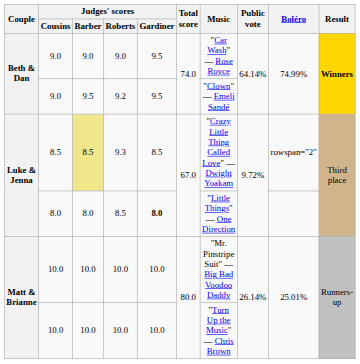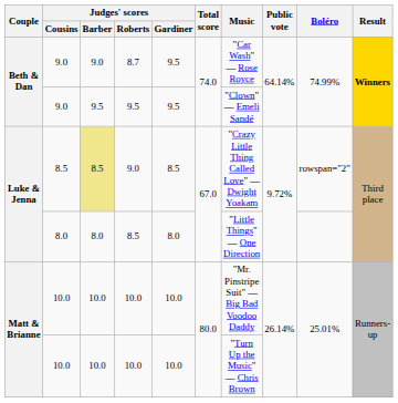 <table class="wikitable sortable" style="text-align:center; font-size:90%; width:90%">
 <tr>
 <th scope="col" rowspan=2>Couple</th>
 <th scope="col" colspan=4 class="unsortable">Judges' scores</th>
 <th scope="col" rowspan=2>Total<br>score</th>
 <th scope="col" rowspan=2 class="unsortable">Music</th>
 <th scope="col" rowspan=2>Public<br>vote</th>
 <th scope="col" rowspan=2 class="unsortable"><a href='#'>Boléro</a></th>
 <th scope="col" rowspan=2 class="unsortable">Result</th>
 </tr>
 <tr>
 <th class="unsortable">Cousins</th>
 <th class="unsortable">Barber</th>
 <th class="unsortable">Roberts</th>
 <th class="unsortable">Gardiner</th>
 </tr>
 <tr>
 <th scope="row" rowspan=2>Beth & Dan</th>
 <td>9.0</td>
 <td>9.0</td>
-<td>9.0</td>
+<td>8.7</td>
 <td>9.5</td>
 <td rowspan="2">74.0</td>
 <td>"<a href='#'>Car Wash</a>" — <a href='#'>Rose Royce</a></td>
 <td rowspan="2">64.14%</td>
 <td rowspan="2">74.99%</td>
 <td rowspan=2 bgcolor="gold"><strong>Winners</strong></td>
 </tr>
 <tr>
 <td>9.0</td>
 <td>9.5</td>
-<td>9.2</td>
+<td>9.5</td>
 <td>9.5</td>
 <td>"<a href='#'>Clown</a>" — <a href='#'>Emeli Sandé</a></td>
 </tr>
 <tr>
 <th scope="row" rowspan=2>Luke & Jenna</th>
 <td>8.5</td>
 <td style="background: khaki;">8.5</td>
-<td>9.3</td>
+<td>9.0</td>
 <td>8.5</td>
 <td rowspan="2">67.0</td>
 <td>"<a href='#'>Crazy Little Thing Called Love</a>" — <a href='#'>Dwight Yoakam</a></td>
 <td rowspan="2">9.72%</td>
 <td>rowspan="2" </td>
 <td rowspan=2 bgcolor="tan">Third place</td>
 </tr>
 <tr>
 <td>8.0</td>
 <td>8.0</td>
 <td>8.5</td>
-<td><strong>8.0</strong></td>
+<td>8.0</td>
 <td>"<a href='#'>Little Things</a>" — <a href='#'>One Direction</a></td>
 </tr>
 <tr>
 <th scope="row" rowspan=2>Matt & Brianne</th>
 <td>10.0</td>
 <td>10.0</td>
 <td>10.0</td>
 <td>10.0</td>
 <td rowspan="2">80.0</td>
 <td>"Mr. Pinstripe Suit" — <a href='#'>Big Bad Voodoo Daddy</a></td>
 <td rowspan="2">26.14%</td>
 <td rowspan="2">25.01%</td>
 <td rowspan=2 bgcolor="silver">Runners-up</td>
 </tr>
 <tr>
 <td>10.0</td>
 <td>10.0</td>
 <td>10.0</td>
 <td>10.0</td>
 <td>"<a href='#'>Turn Up the Music</a>" — <a href='#'>Chris Brown</a></td>
 </tr>
 </table>
